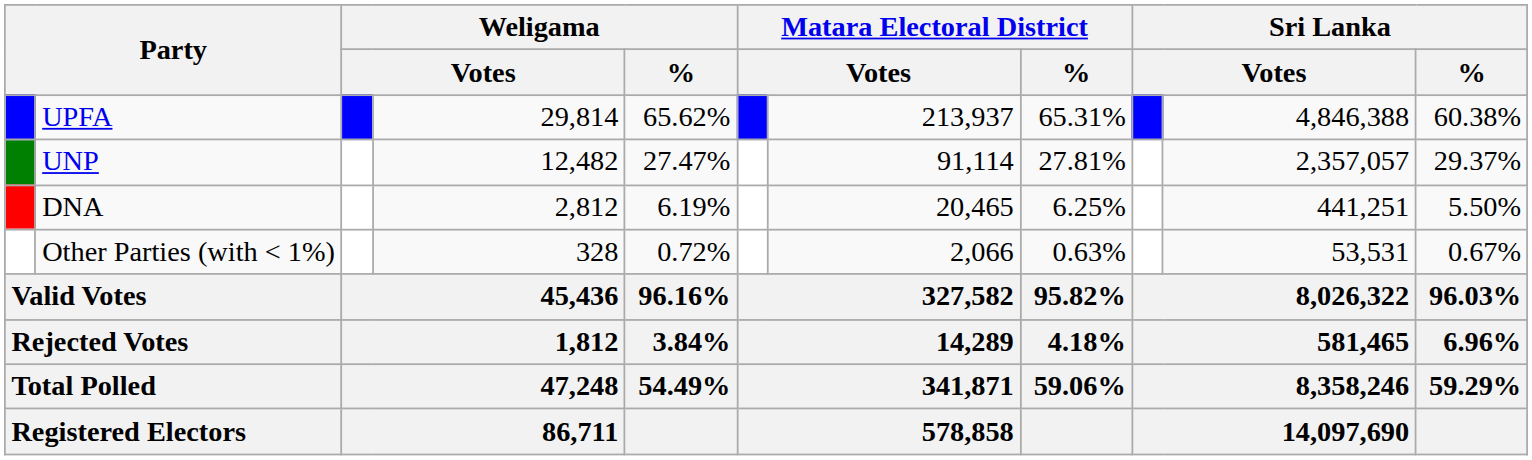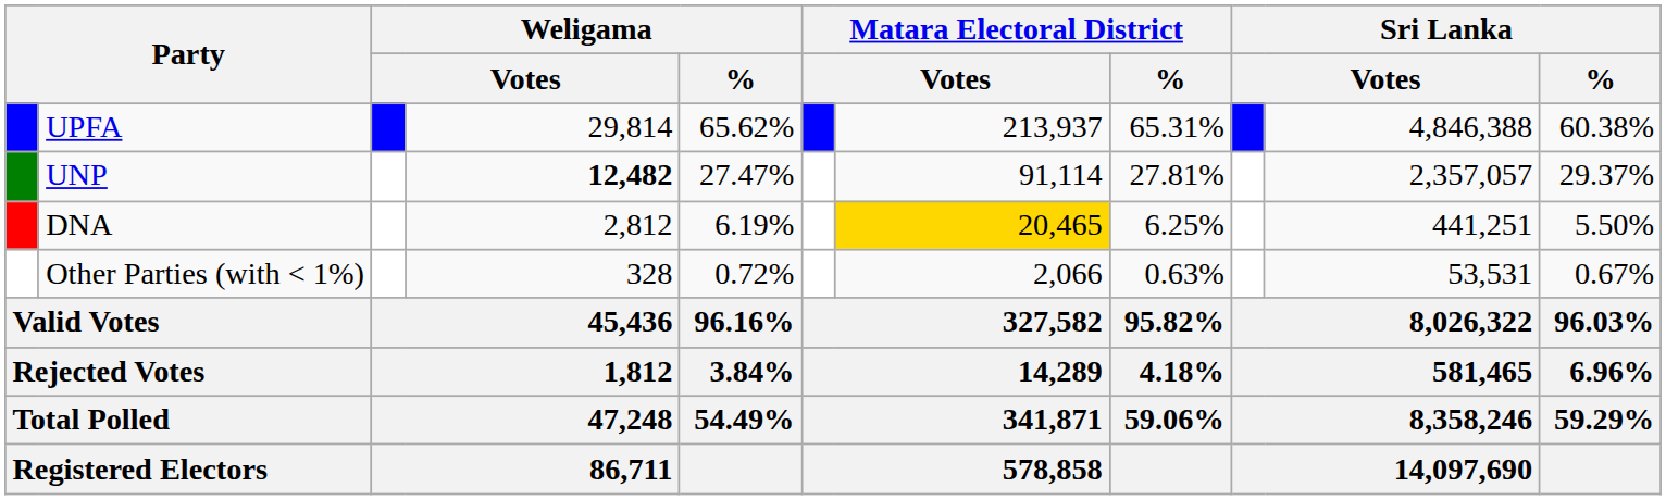 <table class="wikitable">
 <tr>
 <th colspan="2" width="144px"rowspan="2">Party</th>
 <th colspan="3" width="216px">Weligama</th>
 <th colspan="3" width="216px"><a href='#'>Matara Electoral District</a></th>
 <th colspan="3" width="216px">Sri Lanka</th>
 </tr>
 <tr>
 <th colspan="2" width="144px">Votes</th>
 <th>%</th>
 <th colspan="2" width="144px">Votes</th>
 <th>%</th>
 <th colspan="2" width="144px">Votes</th>
 <th>%</th>
 </tr>
 <tr>
 <td style="background-color:blue;" width="10px"></td>
 <td style="text-align:left;"><a href='#'>UPFA</a></td>
 <td style="background-color:blue;" width="10px"></td>
 <td style="text-align:right;">29,814</td>
 <td style="text-align:right;">65.62%</td>
 <td style="background-color:blue;" width="10px"></td>
 <td style="text-align:right;">213,937</td>
 <td style="text-align:right;">65.31%</td>
 <td style="background-color:blue;" width="10px"></td>
 <td style="text-align:right;">4,846,388</td>
 <td style="text-align:right;">60.38%</td>
 </tr>
 <tr>
 <td style="background-color:green;" width="10px"></td>
 <td style="text-align:left;"><a href='#'>UNP</a></td>
 <td style="background-color:white;" width="10px"></td>
-<td style="text-align:right;">12,482</td>
+<td style="text-align:right;"><strong>12,482</strong></td>
 <td style="text-align:right;">27.47%</td>
 <td style="background-color:white;" width="10px"></td>
 <td style="text-align:right;">91,114</td>
 <td style="text-align:right;">27.81%</td>
 <td style="background-color:white;" width="10px"></td>
 <td style="text-align:right;">2,357,057</td>
 <td style="text-align:right;">29.37%</td>
 </tr>
 <tr>
 <td style="background-color:red;" width="10px"></td>
 <td style="text-align:left;">DNA</td>
 <td style="background-color:white;" width="10px"></td>
 <td style="text-align:right;">2,812</td>
 <td style="text-align:right;">6.19%</td>
 <td style="background-color:white;" width="10px"></td>
-<td style="text-align:right;">20,465</td>
+<td style="background: gold; text-align:right;">20,465</td>
 <td style="text-align:right;">6.25%</td>
 <td style="background-color:white;" width="10px"></td>
 <td style="text-align:right;">441,251</td>
 <td style="text-align:right;">5.50%</td>
 </tr>
 <tr>
 <td style="background-color:white;" width="10px"></td>
 <td style="text-align:left;">Other Parties (with < 1%)</td>
 <td style="background-color:white;" width="10px"></td>
 <td style="text-align:right;">328</td>
 <td style="text-align:right;">0.72%</td>
 <td style="background-color:white;" width="10px"></td>
 <td style="text-align:right;">2,066</td>
 <td style="text-align:right;">0.63%</td>
 <td style="background-color:white;" width="10px"></td>
 <td style="text-align:right;">53,531</td>
 <td style="text-align:right;">0.67%</td>
 </tr>
 <tr>
 <th colspan="2" width="144px"style="text-align:left;">Valid Votes</th>
 <th style="text-align:right;"colspan="2" width="144px">45,436</th>
 <th style="text-align:right;">96.16%</th>
 <th style="text-align:right;"colspan="2" width="144px">327,582</th>
 <th style="text-align:right;">95.82%</th>
 <th style="text-align:right;"colspan="2" width="144px">8,026,322</th>
 <th style="text-align:right;">96.03%</th>
 </tr>
 <tr>
 <th colspan="2" width="144px"style="text-align:left;">Rejected Votes</th>
 <th style="text-align:right;"colspan="2" width="144px">1,812</th>
 <th style="text-align:right;">3.84%</th>
 <th style="text-align:right;"colspan="2" width="144px">14,289</th>
 <th style="text-align:right;">4.18%</th>
 <th style="text-align:right;"colspan="2" width="144px">581,465</th>
 <th style="text-align:right;">6.96%</th>
 </tr>
 <tr>
 <th colspan="2" width="144px"style="text-align:left;">Total Polled</th>
 <th style="text-align:right;"colspan="2" width="144px">47,248</th>
 <th style="text-align:right;">54.49%</th>
 <th style="text-align:right;"colspan="2" width="144px">341,871</th>
 <th style="text-align:right;">59.06%</th>
 <th style="text-align:right;"colspan="2" width="144px">8,358,246</th>
 <th style="text-align:right;">59.29%</th>
 </tr>
 <tr>
 <th colspan="2" width="144px"style="text-align:left;">Registered Electors</th>
 <th style="text-align:right;"colspan="2" width="144px">86,711</th>
 <th></th>
 <th style="text-align:right;"colspan="2" width="144px">578,858</th>
 <th></th>
 <th style="text-align:right;"colspan="2" width="144px">14,097,690</th>
 <th></th>
 </tr>
 </table>
